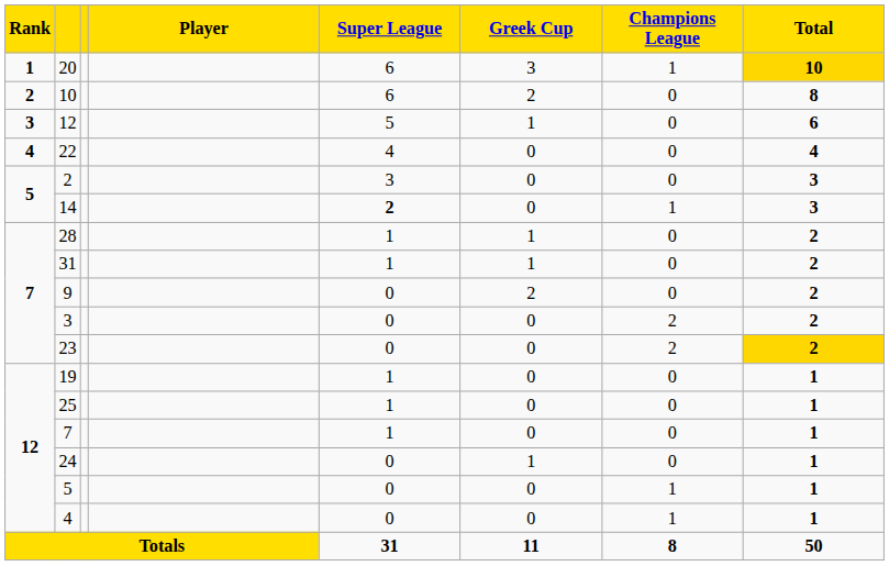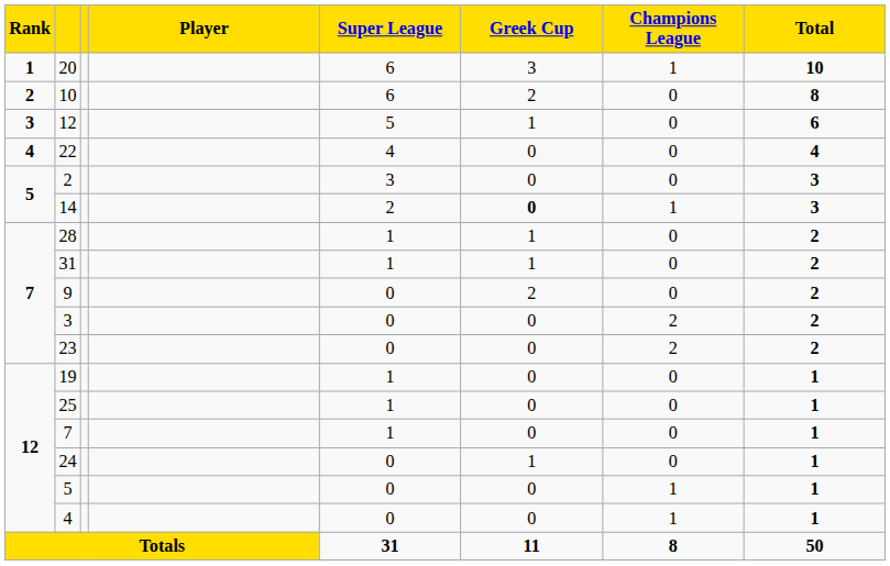 <table class="wikitable sortable" style="text-align: center">
 <tr>
 <th style="background:#FFDE00">Rank</th>
 <th style="background:#FFDE00"></th>
 <th style="background:#FFDE00"></th>
 <th width=200 style="background:#FFDE00">Player</th>
 <th width=120 style="background:#FFDE00"><a href='#'>Super League</a></th>
 <th width=120 style="background:#FFDE00"><a href='#'>Greek Cup</a></th>
 <th width=120 style="background:#FFDE00"><a href='#'>Champions League</a></th>
 <th width=120 style="background:#FFDE00">Total</th>
 </tr>
 <tr>
 <td><strong>1</strong></td>
 <td>20</td>
 <td></td>
 <td align=left></td>
 <td>6</td>
 <td>3</td>
 <td>1</td>
-<td style="background: gold;"><strong>10</strong></td>
+<td><strong>10</strong></td>
 </tr>
 <tr>
 <td><strong>2</strong></td>
 <td>10</td>
 <td></td>
 <td align=left></td>
 <td>6</td>
 <td>2</td>
 <td>0</td>
 <td><strong>8</strong></td>
 </tr>
 <tr>
 <td><strong>3</strong></td>
 <td>12</td>
 <td></td>
 <td align=left></td>
 <td>5</td>
 <td>1</td>
 <td>0</td>
 <td><strong>6</strong></td>
 </tr>
 <tr>
 <td><strong>4</strong></td>
 <td>22</td>
 <td></td>
 <td align=left></td>
 <td>4</td>
 <td>0</td>
 <td>0</td>
 <td><strong>4</strong></td>
 </tr>
 <tr>
 <td rowspan=2><strong>5</strong></td>
 <td>2</td>
 <td></td>
 <td align=left></td>
 <td>3</td>
 <td>0</td>
 <td>0</td>
 <td><strong>3</strong></td>
 </tr>
 <tr>
 <td>14</td>
 <td></td>
 <td align=left></td>
-<td><strong>2</strong></td>
-<td>0</td>
+<td>2</td>
+<td><strong>0</strong></td>
 <td>1</td>
 <td><strong>3</strong></td>
 </tr>
 <tr>
 <td rowspan=5><strong>7</strong></td>
 <td>28</td>
 <td></td>
 <td align=left></td>
 <td>1</td>
 <td>1</td>
 <td>0</td>
 <td><strong>2</strong></td>
 </tr>
 <tr>
 <td>31</td>
 <td></td>
 <td align=left></td>
 <td>1</td>
 <td>1</td>
 <td>0</td>
 <td><strong>2</strong></td>
 </tr>
 <tr>
 <td>9</td>
 <td></td>
 <td align=left></td>
 <td>0</td>
 <td>2</td>
 <td>0</td>
 <td><strong>2</strong></td>
 </tr>
 <tr>
 <td>3</td>
 <td></td>
 <td align=left></td>
 <td>0</td>
 <td>0</td>
 <td>2</td>
 <td><strong>2</strong></td>
 </tr>
 <tr>
 <td>23</td>
 <td></td>
 <td align=left></td>
 <td>0</td>
 <td>0</td>
 <td>2</td>
-<td style="background: gold;"><strong>2</strong></td>
+<td><strong>2</strong></td>
 </tr>
 <tr>
 <td rowspan=6><strong>12</strong></td>
 <td>19</td>
 <td></td>
 <td align=left></td>
 <td>1</td>
 <td>0</td>
 <td>0</td>
 <td><strong>1</strong></td>
 </tr>
 <tr>
 <td>25</td>
 <td></td>
 <td align=left></td>
 <td>1</td>
 <td>0</td>
 <td>0</td>
 <td><strong>1</strong></td>
 </tr>
 <tr>
 <td>7</td>
 <td></td>
 <td align=left></td>
 <td>1</td>
 <td>0</td>
 <td>0</td>
 <td><strong>1</strong></td>
 </tr>
 <tr>
 <td>24</td>
 <td></td>
 <td align=left></td>
 <td>0</td>
 <td>1</td>
 <td>0</td>
 <td><strong>1</strong></td>
 </tr>
 <tr>
 <td>5</td>
 <td></td>
 <td align=left></td>
 <td>0</td>
 <td>0</td>
 <td>1</td>
 <td><strong>1</strong></td>
 </tr>
 <tr>
 <td>4</td>
 <td></td>
 <td align=left></td>
 <td>0</td>
 <td>0</td>
 <td>1</td>
 <td><strong>1</strong></td>
 </tr>
 <tr class="sortbottom">
 <th colspan=4 style="background:#FFDE00"><strong>Totals</strong></th>
 <td><strong>31</strong></td>
 <td><strong>11</strong></td>
 <td><strong> 8</strong></td>
 <td><strong>50</strong></td>
 </tr>
 </table>
